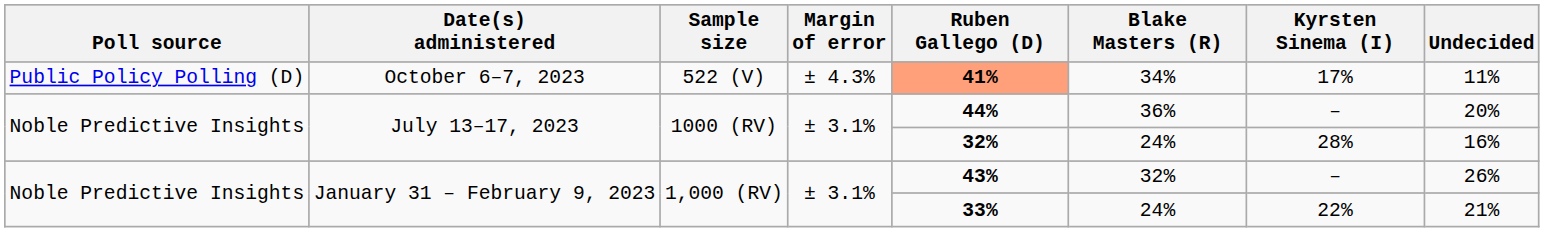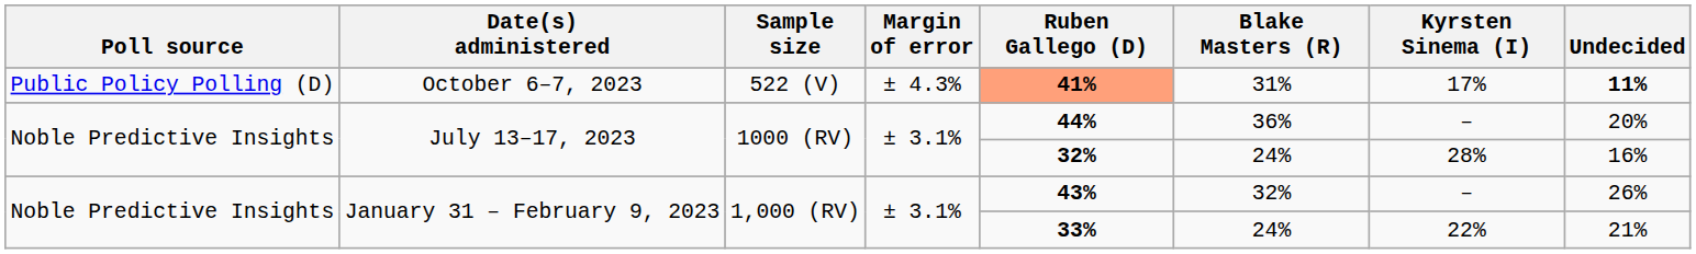 <table class="wikitable" style="font-size:90%;text-align:center;">
 <tr style="vertical-align:bottom">
 <th>Poll source</th>
 <th>Date(s)<br>administered</th>
 <th>Sample<br>size</th>
 <th>Margin<br>of error</th>
 <th style="width:100px;">Ruben<br>Gallego (D)</th>
 <th style="width:100px;">Blake<br>Masters (R)</th>
 <th style="width:100px;">Kyrsten<br>Sinema (I)</th>
 <th>Undecided</th>
 </tr>
 <tr>
 <td style="text-align:left"><a href='#'>Public Policy Polling</a> (D)</td>
 <td>October 6–7, 2023</td>
 <td>522 (V)</td>
 <td>± 4.3%</td>
 <td style="background: lightsalmon;"><strong>41%</strong></td>
-<td>34%</td>
+<td>31%</td>
 <td>17%</td>
-<td>11%</td>
+<td><strong>11%</strong></td>
 </tr>
 <tr>
 <td rowspan=2 style="text-align:left">Noble Predictive Insights</td>
 <td rowspan=2>July 13–17, 2023</td>
 <td rowspan=2>1000 (RV)</td>
 <td rowspan=2>± 3.1%</td>
 <td><strong>44%</strong></td>
 <td>36%</td>
 <td>–</td>
 <td>20%</td>
 </tr>
 <tr>
 <td><strong>32%</strong></td>
 <td>24%</td>
 <td>28%</td>
 <td>16%</td>
 </tr>
 <tr>
 <td rowspan=2 style="text-align:left">Noble Predictive Insights</td>
 <td rowspan=2>January 31 – February 9, 2023</td>
 <td rowspan=2>1,000 (RV)</td>
 <td rowspan=2>± 3.1%</td>
 <td><strong>43%</strong></td>
 <td>32%</td>
 <td>–</td>
 <td>26%</td>
 </tr>
 <tr>
 <td><strong>33%</strong></td>
 <td>24%</td>
 <td>22%</td>
 <td>21%</td>
 </tr>
 </table>
